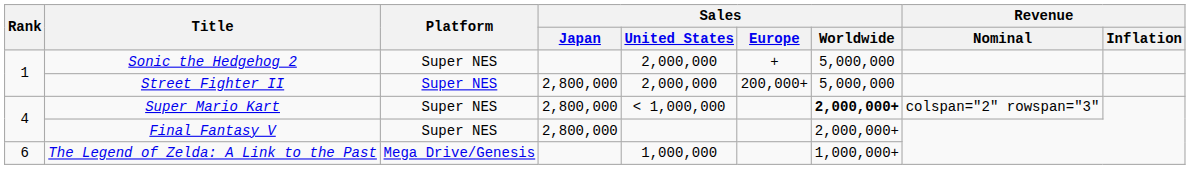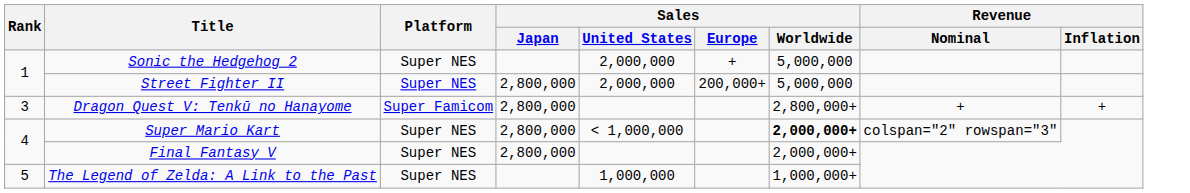 <table class="wikitable sortable" style="text-align:center">
 <tr>
 <th rowspan="2">Rank</th>
 <th rowspan="2">Title</th>
 <th rowspan="2">Platform</th>
 <th colspan="4">Sales</th>
 <th colspan="2">Revenue</th>
 </tr>
 <tr>
 <th><a href='#'>Japan</a></th>
 <th><a href='#'>United States</a></th>
 <th><a href='#'>Europe</a></th>
 <th>Worldwide</th>
 <th>Nominal</th>
 <th>Inflation</th>
 </tr>
 <tr>
 <td rowspan="2">1</td>
 <td><em><a href='#'>Sonic the Hedgehog 2</a></em></td>
 <td>Super NES</td>
 <td></td>
 <td>2,000,000</td>
 <td>+</td>
 <td>5,000,000</td>
 <td></td>
 <td></td>
 </tr>
 <tr>
 <td><em><a href='#'>Street Fighter II</a></em></td>
 <td><a href='#'>Super NES</a></td>
 <td>2,800,000</td>
 <td>2,000,000</td>
 <td>200,000+</td>
 <td>5,000,000</td>
 <td></td>
 <td></td>
 </tr>
 <tr>
+<td>3</td>
+<td><em><a href='#'>Dragon Quest V: Tenkū no Hanayome</a></em></td>
+<td><a href='#'>Super Famicom</a></td>
+<td>2,800,000</td>
+<td></td>
+<td></td>
+<td>2,800,000+</td>
+<td>+</td>
+<td>+</td>
+</tr>
+<tr>
 <td rowspan="2">4</td>
 <td><em><a href='#'>Super Mario Kart</a></em></td>
 <td>Super NES</td>
 <td>2,800,000</td>
 <td>< 1,000,000</td>
 <td></td>
 <td><strong>2,000,000+</strong></td>
 <td>colspan="2" rowspan="3" </td>
 </tr>
 <tr>
 <td><em><a href='#'>Final Fantasy V</a></em></td>
 <td>Super NES</td>
 <td>2,800,000</td>
 <td></td>
 <td></td>
 <td>2,000,000+</td>
 </tr>
 <tr>
-<td>6</td>
+<td>5</td>
 <td><em><a href='#'>The Legend of Zelda: A Link to the Past</a></em></td>
-<td><a href='#'>Mega Drive/Genesis</a></td>
+<td>Super NES</td>
 <td></td>
 <td>1,000,000</td>
 <td></td>
 <td>1,000,000+</td>
 </tr>
 </table>
